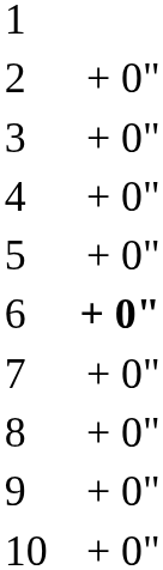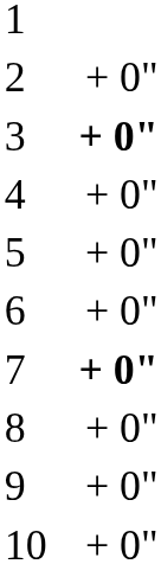 <table>
 <tr>
 <td></td>
 </tr>
 <tr>
 <td>1</td>
 <td></td>
 <td></td>
 <td align="right"></td>
 </tr>
 <tr>
 <td>2</td>
 <td></td>
 <td></td>
 <td align="right">+ 0"</td>
 </tr>
 <tr>
 <td>3</td>
 <td></td>
 <td></td>
-<td align="right">+ 0"</td>
+<td align="right"><strong>+ 0"</strong></td>
 </tr>
 <tr>
 <td>4</td>
 <td></td>
 <td></td>
 <td align="right">+ 0"</td>
 </tr>
 <tr>
 <td>5</td>
 <td></td>
 <td></td>
 <td align="right">+ 0"</td>
 </tr>
 <tr>
 <td>6</td>
 <td></td>
 <td></td>
-<td align="right"><strong>+ 0"</strong></td>
+<td align="right">+ 0"</td>
 </tr>
 <tr>
 <td>7</td>
 <td></td>
 <td></td>
-<td align="right">+ 0"</td>
+<td align="right"><strong>+ 0"</strong></td>
 </tr>
 <tr>
 <td>8</td>
 <td></td>
 <td></td>
 <td align="right">+ 0"</td>
 </tr>
 <tr>
 <td>9</td>
 <td></td>
 <td></td>
 <td align="right">+ 0"</td>
 </tr>
 <tr>
 <td>10</td>
 <td></td>
 <td></td>
 <td align="right">+ 0"</td>
 </tr>
 </table>
